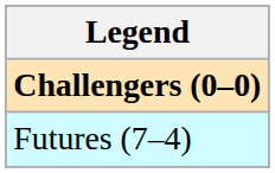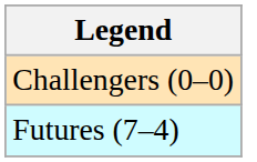 <table class="wikitable collapsible collapsed" style=font-size:97%>
 <tr>
 <th>Legend</th>
 </tr>
 <tr bgcolor=moccasin>
-<td><strong>Challengers (0–0)</strong></td>
+<td>Challengers (0–0)</td>
 </tr>
 <tr bgcolor=CFFCFF>
 <td>Futures (7–4)</td>
 </tr>
 </table>
